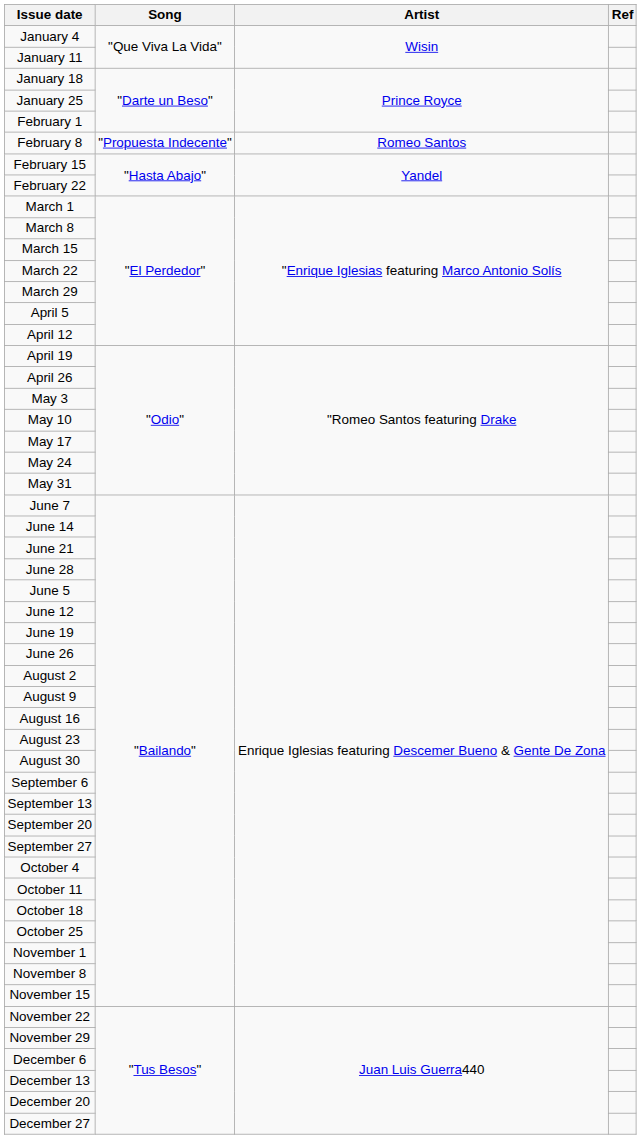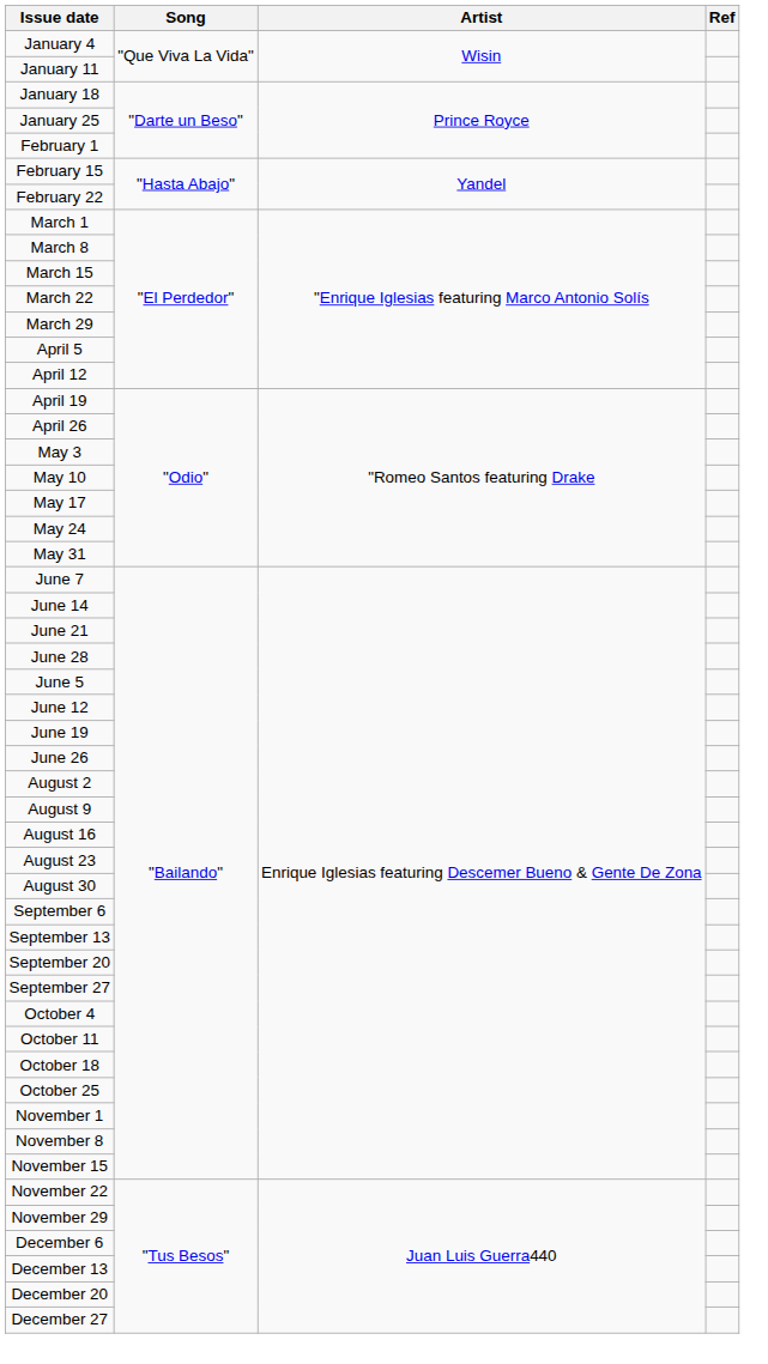 <table class="wikitable" style="text-align: center;">
 <tr>
 <th>Issue date</th>
 <th>Song</th>
 <th>Artist</th>
 <th>Ref</th>
 </tr>
 <tr>
 <td>January 4</td>
 <td style="text-align: center;" rowspan="2">"Que Viva La Vida"</td>
 <td style="text-align: center;" rowspan="2"><a href='#'>Wisin</a></td>
 <td style="text-align: center;"></td>
 </tr>
 <tr>
 <td>January 11</td>
 <td style="text-align: center;"></td>
 </tr>
 <tr>
 <td>January 18</td>
 <td style="text-align: center;" rowspan="3">"<a href='#'>Darte un Beso</a>"</td>
 <td style="text-align: center;" rowspan="3"><a href='#'>Prince Royce</a></td>
 <td style="text-align: center;"></td>
 </tr>
 <tr>
 <td>January 25</td>
 <td style="text-align: center;"></td>
 </tr>
 <tr>
 <td>February 1</td>
-<td style="text-align: center;"></td>
-</tr>
-<tr>
-<td>February 8</td>
-<td style="text-align: center;">"<a href='#'>Propuesta Indecente</a>"</td>
-<td style="text-align: center;"><a href='#'>Romeo Santos</a></td>
 <td style="text-align: center;"></td>
 </tr>
 <tr>
 <td>February 15</td>
 <td style="text-align: center;" rowspan="2">"<a href='#'>Hasta Abajo</a>"</td>
 <td style="text-align: center;" rowspan="2"><a href='#'>Yandel</a></td>
 <td style="text-align: center;"></td>
 </tr>
 <tr>
 <td>February 22</td>
 <td style="text-align: center;"></td>
 </tr>
 <tr>
 <td>March 1</td>
 <td style="text-align: center;" rowspan="7">"<a href='#'>El Perdedor</a>"</td>
 <td style="text-align: center;" rowspan="7">"<a href='#'>Enrique Iglesias</a> featuring <a href='#'>Marco Antonio Solís</a></td>
 <td style="text-align: center;"></td>
 </tr>
 <tr>
 <td>March 8</td>
 <td style="text-align: center;"></td>
 </tr>
 <tr>
 <td>March 15</td>
 <td style="text-align: center;"></td>
 </tr>
 <tr>
 <td>March 22</td>
 <td style="text-align: center;"></td>
 </tr>
 <tr>
 <td>March 29</td>
 <td style="text-align: center;"></td>
 </tr>
 <tr>
 <td>April 5</td>
 <td style="text-align: center;"></td>
 </tr>
 <tr>
 <td>April 12</td>
 <td style="text-align: center;"></td>
 </tr>
 <tr>
 <td>April 19</td>
 <td style="text-align: center;" rowspan="7">"<a href='#'>Odio</a>"</td>
 <td style="text-align: center;" rowspan="7">"Romeo Santos featuring <a href='#'>Drake</a></td>
 <td style="text-align: center;"></td>
 </tr>
 <tr>
 <td>April 26</td>
 <td style="text-align: center;"></td>
 </tr>
 <tr>
 <td>May 3</td>
 <td style="text-align: center;"></td>
 </tr>
 <tr>
 <td>May 10</td>
 <td style="text-align: center;"></td>
 </tr>
 <tr>
 <td>May 17</td>
 <td style="text-align: center;"></td>
 </tr>
 <tr>
 <td>May 24</td>
 <td style="text-align: center;"></td>
 </tr>
 <tr>
 <td>May 31</td>
 <td style="text-align: center;"></td>
 </tr>
 <tr>
 <td>June 7</td>
 <td style="text-align: center;" rowspan="24">"<a href='#'>Bailando</a>"</td>
 <td style="text-align: center;" rowspan="24">Enrique Iglesias featuring <a href='#'>Descemer Bueno</a> & <a href='#'>Gente De Zona</a></td>
 <td style="text-align: center;"></td>
 </tr>
 <tr>
 <td>June 14</td>
 <td style="text-align: center;"></td>
 </tr>
 <tr>
 <td>June 21</td>
 <td style="text-align: center;"></td>
 </tr>
 <tr>
 <td>June 28</td>
 <td style="text-align: center;"></td>
 </tr>
 <tr>
 <td>June 5</td>
 <td style="text-align: center;"></td>
 </tr>
 <tr>
 <td>June 12</td>
 <td style="text-align: center;"></td>
 </tr>
 <tr>
 <td>June 19</td>
 <td style="text-align: center;"></td>
 </tr>
 <tr>
 <td>June 26</td>
 <td style="text-align: center;"></td>
 </tr>
 <tr>
 <td>August 2</td>
 <td style="text-align: center;"></td>
 </tr>
 <tr>
 <td>August 9</td>
 <td style="text-align: center;"></td>
 </tr>
 <tr>
 <td>August 16</td>
 <td style="text-align: center;"></td>
 </tr>
 <tr>
 <td>August 23</td>
 <td style="text-align: center;"></td>
 </tr>
 <tr>
 <td>August 30</td>
 <td style="text-align: center;"></td>
 </tr>
 <tr>
 <td>September 6</td>
 <td style="text-align: center;"></td>
 </tr>
 <tr>
 <td>September 13</td>
 <td style="text-align: center;"></td>
 </tr>
 <tr>
 <td>September 20</td>
 <td style="text-align: center;"></td>
 </tr>
 <tr>
 <td>September 27</td>
 <td style="text-align: center;"></td>
 </tr>
 <tr>
 <td>October 4</td>
 <td style="text-align: center;"></td>
 </tr>
 <tr>
 <td>October 11</td>
 <td style="text-align: center;"></td>
 </tr>
 <tr>
 <td>October 18</td>
 <td style="text-align: center;"></td>
 </tr>
 <tr>
 <td>October 25</td>
 <td style="text-align: center;"></td>
 </tr>
 <tr>
 <td>November 1</td>
 <td style="text-align: center;"></td>
 </tr>
 <tr>
 <td>November 8</td>
 <td style="text-align: center;"></td>
 </tr>
 <tr>
 <td>November 15</td>
 <td style="text-align: center;"></td>
 </tr>
 <tr>
 <td>November 22</td>
 <td style="text-align: center;" rowspan="6">"<a href='#'>Tus Besos</a>"</td>
 <td style="text-align: center;" rowspan="6"><a href='#'>Juan Luis Guerra</a>440</td>
 <td style="text-align: center;"></td>
 </tr>
 <tr>
 <td>November 29</td>
 <td style="text-align: center;"></td>
 </tr>
 <tr>
 <td>December 6</td>
 <td style="text-align: center;"></td>
 </tr>
 <tr>
 <td>December 13</td>
 <td style="text-align: center;"></td>
 </tr>
 <tr>
 <td>December 20</td>
 <td style="text-align: center;"></td>
 </tr>
 <tr>
 <td>December 27</td>
 <td style="text-align: center;"></td>
 </tr>
 </table>
